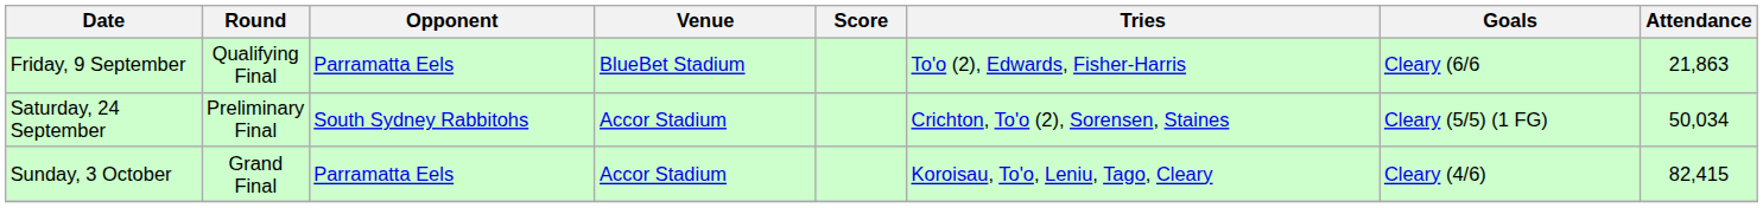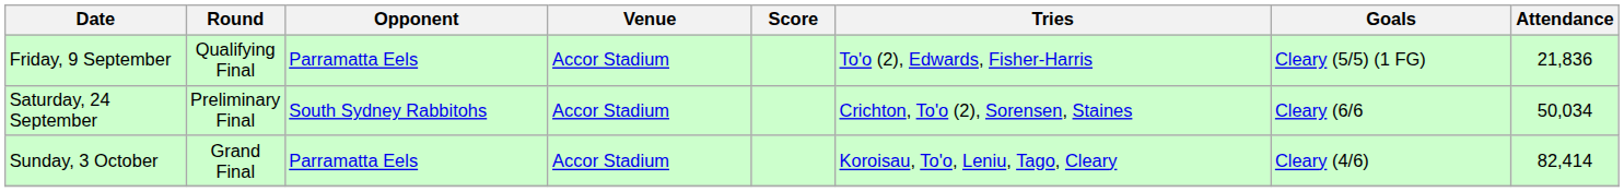 <table class="wikitable" style="font-size:75%;">
 <tr>
 <th style="width:115px;">Date</th>
 <th style="width:50px;">Round</th>
 <th style="width:170px;">Opponent</th>
 <th style="width:130px;">Venue</th>
 <th style="width:50px;">Score</th>
 <th style="width:285px;">Tries</th>
 <th style="width:155px;">Goals</th>
 <th style="width:60px;">Attendance</th>
 </tr>
 <tr style="background:#CCFFCC">
 <td>Friday, 9 September</td>
 <td style="text-align:center;">Qualifying Final</td>
 <td> <a href='#'>Parramatta Eels</a></td>
-<td><a href='#'>BlueBet Stadium</a></td>
+<td><a href='#'>Accor Stadium</a></td>
 <td style="text-align:center;"></td>
 <td><a href='#'>To'o</a> (2), <a href='#'>Edwards</a>, <a href='#'>Fisher-Harris</a></td>
-<td><a href='#'>Cleary</a> (6/6</td>
-<td style="text-align:center;">21,863</td>
+<td><a href='#'>Cleary</a> (5/5) (1 FG)</td>
+<td style="text-align:center;">21,836</td>
 </tr>
 <tr style="background:#CCFFCC">
 <td>Saturday, 24 September</td>
 <td style="text-align:center;">Preliminary Final</td>
 <td> <a href='#'>South Sydney Rabbitohs</a></td>
 <td><a href='#'>Accor Stadium</a></td>
 <td style="text-align:center;"></td>
 <td><a href='#'>Crichton</a>, <a href='#'>To'o</a> (2), <a href='#'>Sorensen</a>, <a href='#'>Staines</a></td>
-<td><a href='#'>Cleary</a> (5/5) (1 FG)</td>
+<td><a href='#'>Cleary</a> (6/6</td>
 <td style="text-align:center;">50,034</td>
 </tr>
 <tr style="background:#CCFFCC">
 <td>Sunday, 3 October</td>
 <td style="text-align:center;">Grand Final</td>
 <td> <a href='#'>Parramatta Eels</a></td>
 <td><a href='#'>Accor Stadium</a></td>
 <td style="text-align:center;"></td>
 <td><a href='#'>Koroisau</a>, <a href='#'>To'o</a>, <a href='#'>Leniu</a>, <a href='#'>Tago</a>, <a href='#'>Cleary</a></td>
 <td><a href='#'>Cleary</a> (4/6)</td>
-<td style="text-align:center;">82,415</td>
+<td style="text-align:center;">82,414</td>
 </tr>
 <tr style="background:#CCFFCC">
 </tr>
 </table>
